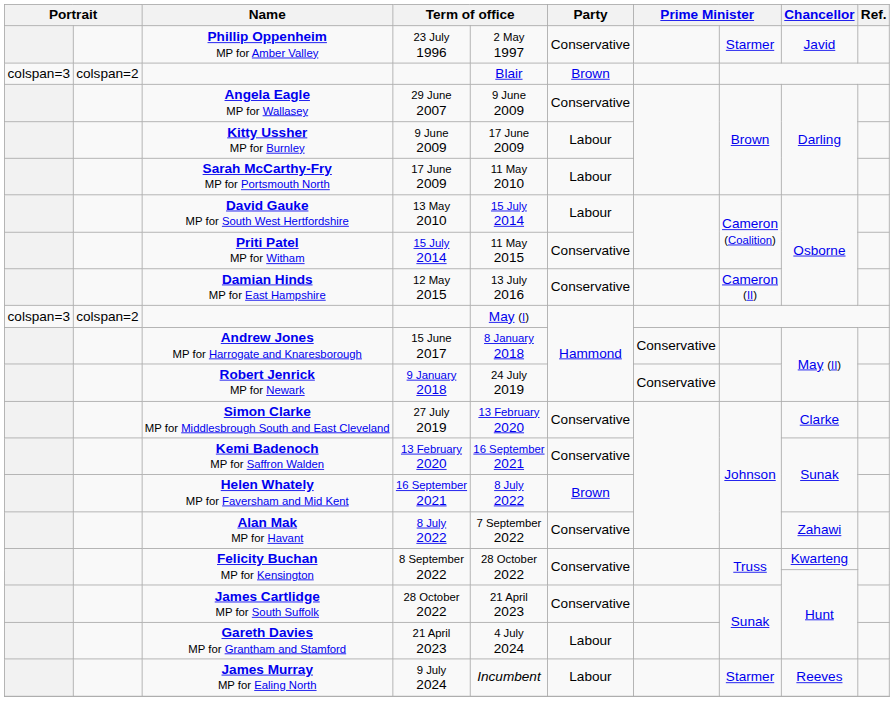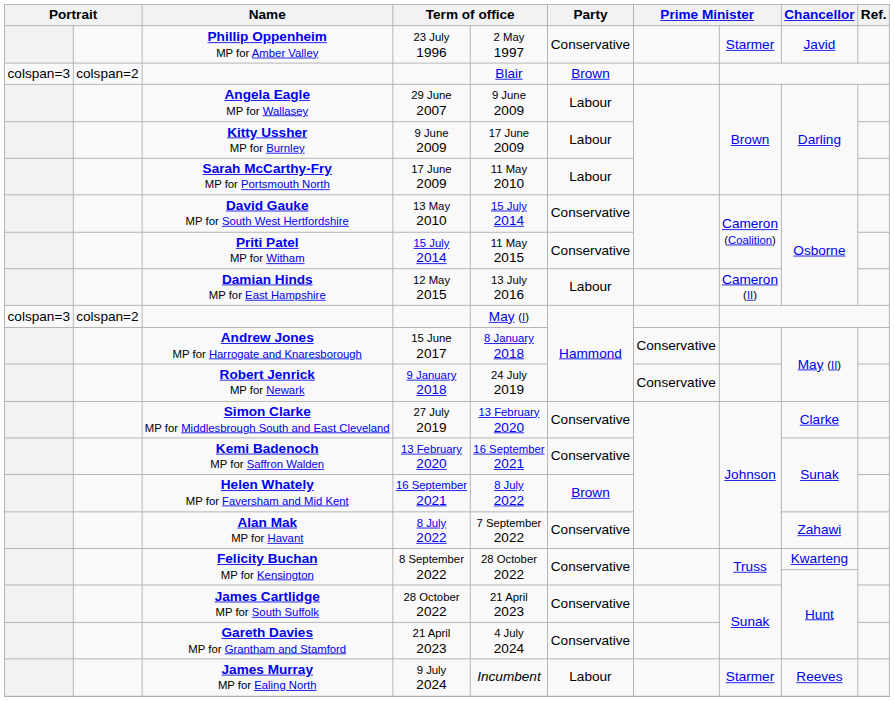 <table class="wikitable" style="text-align:Center">
 <tr>
 <th colspan=2>Portrait</th>
 <th>Name</th>
 <th colspan=2>Term of office</th>
 <th>Party</th>
 <th colspan=2><a href='#'>Prime Minister</a></th>
 <th><a href='#'>Chancellor</a></th>
 <th><abbr>Ref.</abbr></th>
 </tr>
 <tr>
 <th style="background-color: "></th>
 <td></td>
 <td><strong><a href='#'>Phillip Oppenheim</a></strong><br><small>MP for <a href='#'>Amber Valley</a></small></td>
 <td><small>23 July</small><br>1996</td>
 <td><small>2 May</small><br>1997</td>
 <td>Conservative</td>
 <td style="background-color: "></td>
 <td><a href='#'>Starmer</a></td>
 <td><a href='#'>Javid</a></td>
 <td></td>
 </tr>
 <tr>
 <td>colspan=3 </td>
 <td>colspan=2 </td>
 <td></td>
 <td style="background-color: "></td>
 <td><a href='#'>Blair</a></td>
 <td><a href='#'>Brown</a></td>
 <td></td>
 </tr>
 <tr>
 <th style="background-color: "></th>
 <td></td>
 <td><strong><a href='#'>Angela Eagle</a></strong><br><small>MP for <a href='#'>Wallasey</a></small></td>
 <td><small>29 June</small><br>2007</td>
 <td><small>9 June</small><br>2009</td>
-<td>Conservative</td>
+<td>Labour</td>
 <td rowspan=3 style="background-color: "></td>
 <td rowspan=3><a href='#'>Brown</a></td>
 <td rowspan=3><a href='#'>Darling</a></td>
 <td></td>
 </tr>
 <tr>
 <th style="background-color: "></th>
 <td></td>
 <td><strong><a href='#'>Kitty Ussher</a></strong><br><small>MP for <a href='#'>Burnley</a></small></td>
 <td><small>9 June</small><br>2009</td>
 <td><small>17 June</small><br>2009</td>
 <td>Labour</td>
 <td></td>
 </tr>
 <tr>
 <th style="background-color: "></th>
 <td></td>
 <td><strong><a href='#'>Sarah McCarthy-Fry</a> </strong><br><small>MP for <a href='#'>Portsmouth North</a></small></td>
 <td><small>17 June</small><br>2009</td>
 <td><small>11 May</small><br>2010</td>
 <td>Labour</td>
 <td></td>
 </tr>
 <tr>
 <th style="background-color: "></th>
 <td></td>
 <td><strong><a href='#'>David Gauke</a></strong><br><small>MP for <a href='#'>South West Hertfordshire</a></small></td>
 <td><small>13 May</small><br>2010</td>
 <td><a href='#'><small>15 July</small><br>2014</a></td>
-<td>Labour</td>
+<td>Conservative</td>
 <td rowspan=2 style="background-color: "></td>
 <td rowspan=2><a href='#'>Cameron</a><br><small>(<a href='#'>Coalition</a>)</small></td>
 <td rowspan=3><a href='#'>Osborne</a></td>
 <td></td>
 </tr>
 <tr>
 <th style="background-color: "></th>
 <td></td>
 <td><strong><a href='#'>Priti Patel</a></strong><br><small>MP for <a href='#'>Witham</a></small></td>
 <td><a href='#'><small>15 July</small><br>2014</a></td>
 <td><small>11 May</small><br>2015</td>
 <td>Conservative</td>
 <td></td>
 </tr>
 <tr>
 <th style="background-color: "></th>
 <td></td>
 <td><strong><a href='#'>Damian Hinds</a></strong><br><small>MP for <a href='#'>East Hampshire</a></small></td>
 <td><small>12 May</small><br>2015</td>
 <td><small>13 July</small><br>2016</td>
-<td>Conservative</td>
+<td>Labour</td>
 <td style="background-color: "></td>
 <td><a href='#'>Cameron</a><br><small>(<a href='#'>II</a>)</small></td>
 <td></td>
 </tr>
 <tr>
 <td>colspan=3 </td>
 <td>colspan=2 </td>
 <td></td>
 <td style="background-color: "></td>
 <td><a href='#'>May</a> <small>(<a href='#'>I</a>)</small></td>
 <td rowspan=3><a href='#'>Hammond</a></td>
 <td></td>
 </tr>
 <tr>
 <th style="background-color: "></th>
 <td></td>
 <td><strong><a href='#'>Andrew Jones</a></strong><br><small>MP for <a href='#'>Harrogate and Knaresborough</a></small></td>
 <td><small>15 June</small><br>2017</td>
 <td><a href='#'><small>8 January</small><br>2018</a></td>
 <td>Conservative</td>
 <td style="background-color: "></td>
 <td rowspan=2><a href='#'>May</a> <small>(<a href='#'>II</a>)</small></td>
 <td></td>
 </tr>
 <tr>
 <th style="background-color: "></th>
 <td></td>
 <td><strong><a href='#'>Robert Jenrick</a></strong><br><small>MP for <a href='#'>Newark</a></small></td>
 <td><a href='#'><small>9 January</small><br>2018</a></td>
 <td><small>24 July</small><br>2019</td>
 <td>Conservative</td>
 <td style="background-color: "></td>
 <td></td>
 </tr>
 <tr>
 <th style="background-color: "></th>
 <td></td>
 <td><strong><a href='#'>Simon Clarke</a></strong><br><small>MP for <a href='#'>Middlesbrough South and East Cleveland</a></small></td>
 <td><small>27 July</small><br>2019</td>
 <td><a href='#'><small>13 February</small><br>2020</a></td>
 <td>Conservative</td>
 <td rowspan="4" style="background-color: "></td>
 <td rowspan="4"><a href='#'>Johnson</a></td>
 <td><a href='#'>Clarke</a></td>
 <td></td>
 </tr>
 <tr>
 <th style="background-color: "></th>
 <td></td>
 <td><strong><a href='#'>Kemi Badenoch</a></strong><br><small>MP for <a href='#'>Saffron Walden</a></small></td>
 <td><a href='#'><small>13 February</small><br>2020</a></td>
 <td><a href='#'><small>16 September</small><br>2021</a></td>
 <td>Conservative</td>
 <td rowspan="2"><a href='#'>Sunak</a></td>
 <td></td>
 </tr>
 <tr>
 <th style="background-color: "></th>
 <td></td>
 <td><strong><a href='#'>Helen Whately</a></strong><br><small>MP for <a href='#'>Faversham and Mid Kent</a></small></td>
 <td><a href='#'><small>16 September</small><br>2021</a></td>
 <td><a href='#'><small>8 July</small><br>2022</a></td>
 <td><a href='#'>Brown</a></td>
 <td></td>
 </tr>
 <tr>
 <th style="background-color: "></th>
 <td></td>
 <td><strong><a href='#'>Alan Mak</a></strong><br><small>MP for <a href='#'>Havant</a></small></td>
 <td><a href='#'><small>8 July</small><br>2022</a></td>
 <td><small>7 September</small><br>2022</td>
 <td>Conservative</td>
 <td><a href='#'>Zahawi</a></td>
 <td></td>
 </tr>
 <tr>
 <th rowspan=2 style="background-color: "></th>
 <td rowspan=2></td>
 <td rowspan=2><strong><a href='#'>Felicity Buchan</a></strong><br><small>MP for <a href='#'>Kensington</a></small></td>
 <td rowspan=2><small>8 September</small><br>2022</td>
 <td rowspan=2><small>28 October</small><br>2022</td>
 <td rowspan=2>Conservative</td>
 <td rowspan=2 style="background-color: "></td>
 <td rowspan=2><a href='#'>Truss</a></td>
 <td><a href='#'>Kwarteng</a></td>
 <td rowspan=2></td>
 </tr>
 <tr>
 <td rowspan=3><a href='#'>Hunt</a></td>
 </tr>
 <tr>
 <th style="background-color: "></th>
 <td></td>
 <td><strong><a href='#'>James Cartlidge</a></strong><br><small>MP for <a href='#'>South Suffolk</a></small></td>
 <td><small>28 October</small><br>2022</td>
 <td><small>21 April</small><br>2023</td>
 <td>Conservative</td>
 <td style="background-color: "></td>
 <td rowspan=2><a href='#'>Sunak</a></td>
 <td></td>
 </tr>
 <tr>
 <th style="background-color: "></th>
 <td></td>
 <td><strong><a href='#'>Gareth Davies</a></strong><br><small>MP for <a href='#'>Grantham and Stamford</a></small></td>
 <td><small>21 April</small><br>2023</td>
 <td><small>4 July</small><br>2024</td>
-<td>Labour</td>
+<td>Conservative</td>
 <td style="background-color: "></td>
 <td></td>
 </tr>
 <tr>
 <th style="background-color: "></th>
 <td></td>
 <td><strong><a href='#'>James Murray</a></strong><br><small>MP for <a href='#'>Ealing North</a></small></td>
 <td><small>9 July</small><br>2024</td>
 <td><em>Incumbent</em></td>
 <td>Labour</td>
 <td style="background-color: "></td>
 <td><a href='#'>Starmer</a></td>
 <td><a href='#'>Reeves</a></td>
 <td></td>
 </tr>
 <tr>
 </tr>
 </table>
